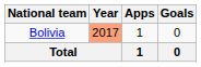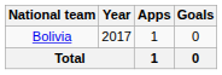 <table class="wikitable" style="text-align:center">
 <tr>
 <th>National team</th>
 <th>Year</th>
 <th>Apps</th>
 <th>Goals</th>
 </tr>
 <tr>
 <td><a href='#'>Bolivia</a></td>
-<td style="background: lightsalmon;">2017</td>
+<td>2017</td>
 <td>1</td>
 <td>0</td>
 </tr>
 <tr>
 <th colspan=2>Total</th>
 <th>1</th>
 <th>0</th>
 </tr>
 </table>
